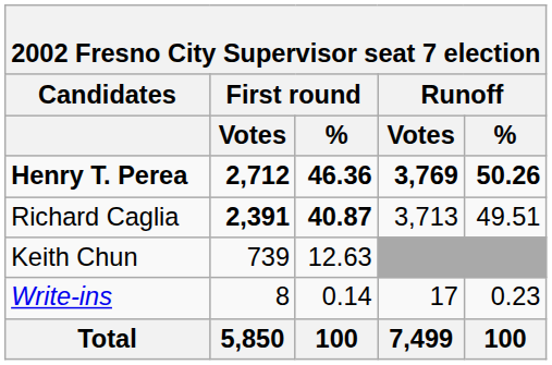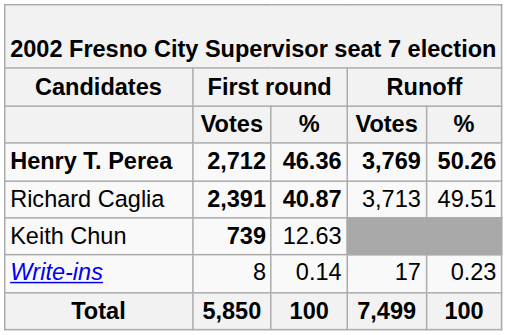 <table class=wikitable>
 <tr>
 <th colspan=5><br>2002 Fresno City Supervisor seat 7 election</th>
 </tr>
 <tr>
 <th colspan=1>Candidates</th>
 <th colspan=2>First round</th>
 <th colspan=2>Runoff</th>
 </tr>
 <tr>
 <th></th>
 <th>Votes</th>
 <th>%</th>
 <th>Votes</th>
 <th>%</th>
 </tr>
 <tr>
 <td><strong>Henry T. Perea</strong></td>
 <td align="right"><strong>2,712</strong></td>
 <td align="right"><strong>46.36</strong></td>
 <td align="right"><strong>3,769</strong></td>
 <td align="right"><strong>50.26</strong></td>
 </tr>
 <tr>
 <td>Richard Caglia</td>
 <td align="right"><strong>2,391</strong></td>
 <td align="right"><strong>40.87</strong></td>
 <td align="right">3,713</td>
 <td align="right">49.51</td>
 </tr>
 <tr>
 <td>Keith Chun</td>
-<td align="right">739</td>
+<td align="right"><strong>739</strong></td>
 <td align="right">12.63</td>
 <td colspan=2 bgcolor=darkgray></td>
 </tr>
 <tr>
 <td><em><a href='#'>Write-ins</a></em></td>
 <td align="right">8</td>
 <td align="right">0.14</td>
 <td align="right">17</td>
 <td align="right">0.23</td>
 </tr>
 <tr>
 <th>Total</th>
 <th>5,850</th>
 <th>100</th>
 <th>7,499</th>
 <th>100</th>
 </tr>
 </table>
